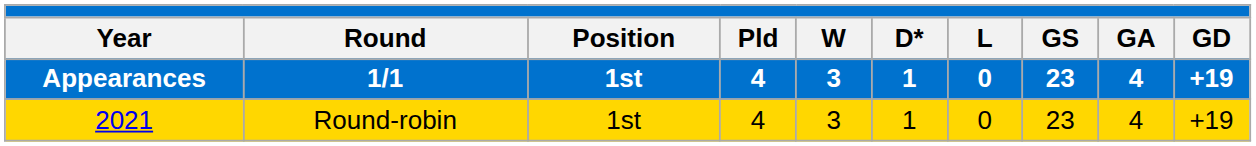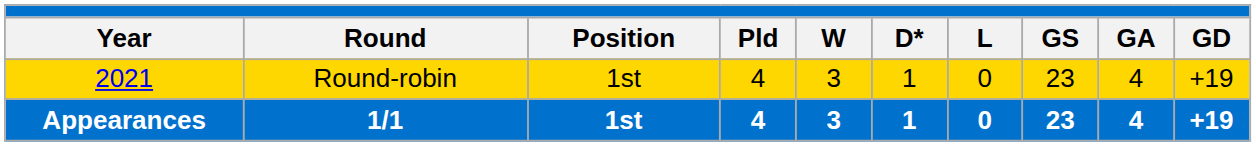 <table class="wikitable" style="text-align: center;font-size:90%;">
 <tr>
 <th colspan="10" style="background: #0072CE; color: #FFFFFF;"><a href='#'></a></th>
 </tr>
 <tr>
 <th width=125>Year</th>
 <th width=150>Round</th>
 <th width=100>Position</th>
 <th width=35>Pld</th>
 <th width=35>W</th>
 <th width=35>D*</th>
 <th width=35>L</th>
 <th width=35>GS</th>
 <th width=35>GA</th>
 <th width=35>GD</th>
 </tr>
+<tr style="background:gold;">
+<td> <a href='#'>2021</a></td>
+<td>Round-robin</td>
+<td>1st</td>
+<td>4</td>
+<td>3</td>
+<td>1</td>
+<td>0</td>
+<td>23</td>
+<td>4</td>
+<td>+19</td>
+</tr>
 <tr>
 <td colspan=1 style="background: #0072CE; color: #FFFFFF;"><strong>Appearances</strong></td>
 <td style="background: #0072CE; color: #FFFFFF;"><strong>1/1</strong></td>
 <td style="background: #0072CE; color: #FFFFFF;"><strong>1st</strong></td>
 <td style="background: #0072CE; color: #FFFFFF;"><strong>4</strong></td>
 <td style="background: #0072CE; color: #FFFFFF;"><strong>3</strong></td>
 <td style="background: #0072CE; color: #FFFFFF;"><strong>1</strong></td>
 <td style="background: #0072CE; color: #FFFFFF;"><strong>0</strong></td>
 <td style="background: #0072CE; color: #FFFFFF;"><strong>23</strong></td>
 <td style="background: #0072CE; color: #FFFFFF;"><strong>4</strong></td>
 <td style="background: #0072CE; color: #FFFFFF;"><strong>+19</strong></td>
 </tr>
-<tr style="background:gold;">
-<td> <a href='#'>2021</a></td>
-<td>Round-robin</td>
-<td>1st</td>
-<td>4</td>
-<td>3</td>
-<td>1</td>
-<td>0</td>
-<td>23</td>
-<td>4</td>
-<td>+19</td>
-</tr>
 </table>
